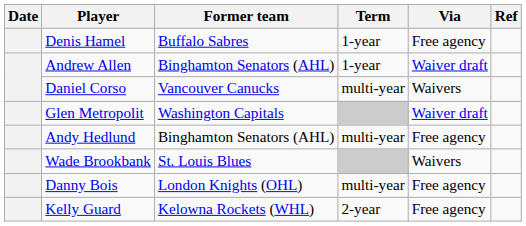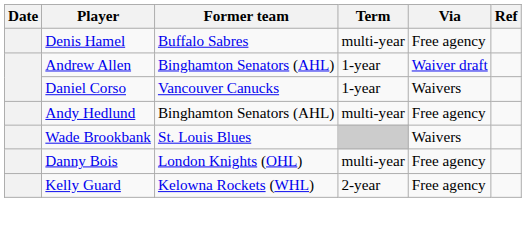 <table class="wikitable plainrowheaders">
 <tr style="background:#ddd; text-align:center;">
 <th>Date</th>
 <th>Player</th>
 <th>Former team</th>
 <th>Term</th>
 <th>Via</th>
 <th>Ref</th>
 </tr>
 <tr>
 <th scope="row"></th>
 <td><a href='#'>Denis Hamel</a></td>
 <td><a href='#'>Buffalo Sabres</a></td>
-<td>1-year</td>
+<td>multi-year</td>
 <td>Free agency</td>
 <td></td>
 </tr>
 <tr>
 <th scope="row" rowspan=2></th>
 <td><a href='#'>Andrew Allen</a></td>
 <td><a href='#'>Binghamton Senators</a> (<a href='#'>AHL</a>)</td>
 <td>1-year</td>
 <td><a href='#'>Waiver draft</a></td>
 <td></td>
 </tr>
 <tr>
 <td><a href='#'>Daniel Corso</a></td>
 <td><a href='#'>Vancouver Canucks</a></td>
-<td>multi-year</td>
+<td>1-year</td>
 <td>Waivers</td>
-<td></td>
-</tr>
-<tr>
-<th scope="row"></th>
-<td><a href='#'>Glen Metropolit</a></td>
-<td><a href='#'>Washington Capitals</a></td>
-<td style="background:#ccc"></td>
-<td><a href='#'>Waiver draft</a></td>
 <td></td>
 </tr>
 <tr>
 <th scope="row"></th>
 <td><a href='#'>Andy Hedlund</a></td>
 <td>Binghamton Senators (AHL)</td>
 <td>multi-year</td>
 <td>Free agency</td>
 <td></td>
 </tr>
 <tr>
 <th scope="row"></th>
 <td><a href='#'>Wade Brookbank</a></td>
 <td><a href='#'>St. Louis Blues</a></td>
 <td style="background:#ccc"></td>
 <td>Waivers</td>
 <td></td>
 </tr>
 <tr>
 <th scope="row"></th>
 <td><a href='#'>Danny Bois</a></td>
 <td><a href='#'>London Knights</a> (<a href='#'>OHL</a>)</td>
 <td>multi-year</td>
 <td>Free agency</td>
 <td></td>
 </tr>
 <tr>
 <th scope="row"></th>
 <td><a href='#'>Kelly Guard</a></td>
 <td><a href='#'>Kelowna Rockets</a> (<a href='#'>WHL</a>)</td>
 <td>2-year</td>
 <td>Free agency</td>
 <td></td>
 </tr>
 </table>
